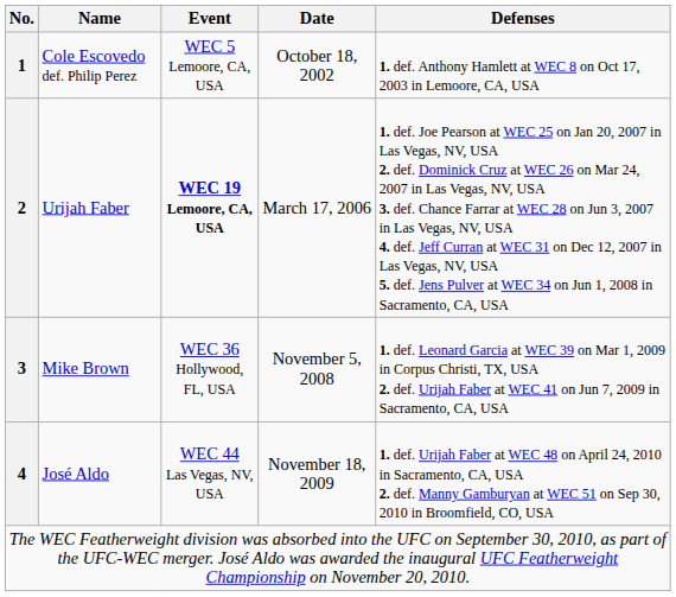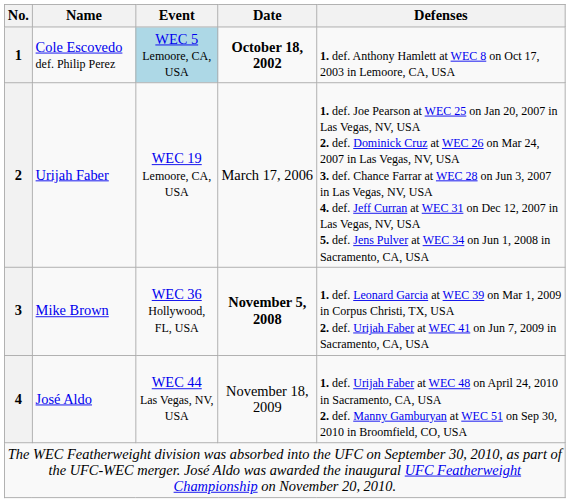 <table class="wikitable" width=100%>
 <tr>
 <th width=1%>No.</th>
 <th width=19%>Name</th>
 <th width=15%>Event</th>
 <th width=18%>Date</th>
 <th width=47%>Defenses</th>
 </tr>
 <tr>
 <th>1</th>
 <td align=left> <a href='#'>Cole Escovedo</a><br><small>def. Philip Perez</small></td>
-<td align=center><a href='#'>WEC 5</a> <br><small>Lemoore, CA, USA</small></td>
-<td align=center>October 18, 2002</td>
+<td align=center style="background: lightblue;"><a href='#'>WEC 5</a> <br><small>Lemoore, CA, USA</small></td>
+<td align=center><strong>October 18, 2002</strong></td>
 <td><br><small><strong>1.</strong> def. Anthony Hamlett at <a href='#'>WEC 8</a> on Oct 17, 2003 in Lemoore, CA, USA</small></td>
 </tr>
 <tr>
 <th>2</th>
 <td align=left> <a href='#'>Urijah Faber</a></td>
-<td align=center><strong><a href='#'>WEC 19</a> <br><small>Lemoore, CA, USA</small></strong></td>
+<td align=center><a href='#'>WEC 19</a> <br><small>Lemoore, CA, USA</small></td>
 <td align=center>March 17, 2006</td>
 <td><br><small><strong>1.</strong> def. Joe Pearson at <a href='#'>WEC 25</a> on Jan 20, 2007 in Las Vegas, NV, USA<br> <strong>2.</strong> def. <a href='#'>Dominick Cruz</a> at <a href='#'>WEC 26</a> on Mar 24, 2007 in Las Vegas, NV, USA<br> <strong>3.</strong> def. Chance Farrar at <a href='#'>WEC 28</a> on Jun 3, 2007 in Las Vegas, NV, USA<br> <strong>4.</strong> def. <a href='#'>Jeff Curran</a> at <a href='#'>WEC 31</a> on Dec 12, 2007 in Las Vegas, NV, USA<br> <strong>5.</strong> def. <a href='#'>Jens Pulver</a> at <a href='#'>WEC 34</a> on Jun 1, 2008 in Sacramento, CA, USA</small></td>
 </tr>
 <tr>
 <th>3</th>
 <td align=left> <a href='#'>Mike Brown</a></td>
 <td align=center><a href='#'>WEC 36</a> <br><small>Hollywood, FL, USA</small></td>
-<td align=center>November 5, 2008</td>
+<td align=center><strong>November 5, 2008</strong></td>
 <td><br><small><strong>1.</strong> def. <a href='#'>Leonard Garcia</a> at <a href='#'>WEC 39</a> on Mar 1, 2009 in Corpus Christi, TX, USA<br> <strong>2.</strong> def. <a href='#'>Urijah Faber</a> at <a href='#'>WEC 41</a> on Jun 7, 2009 in Sacramento, CA, USA</small></td>
 </tr>
 <tr>
 <th>4</th>
 <td align=left> <a href='#'>José Aldo</a></td>
 <td align=center><a href='#'>WEC 44</a> <br><small>Las Vegas, NV, USA</small></td>
 <td align=center>November 18, 2009</td>
 <td><br><small><strong>1.</strong> def. <a href='#'>Urijah Faber</a> at <a href='#'>WEC 48</a> on April 24, 2010 in Sacramento, CA, USA<br> <strong>2.</strong> def. <a href='#'>Manny Gamburyan</a> at <a href='#'>WEC 51</a> on Sep 30, 2010 in Broomfield, CO, USA</small></td>
 </tr>
 <tr>
 <td align="center" colspan="5"><em>The WEC Featherweight division was absorbed into the UFC on September 30, 2010, as part of the UFC-WEC merger. José Aldo was awarded the inaugural <a href='#'>UFC Featherweight Championship</a> on November 20, 2010.</em></td>
 </tr>
 </table>
